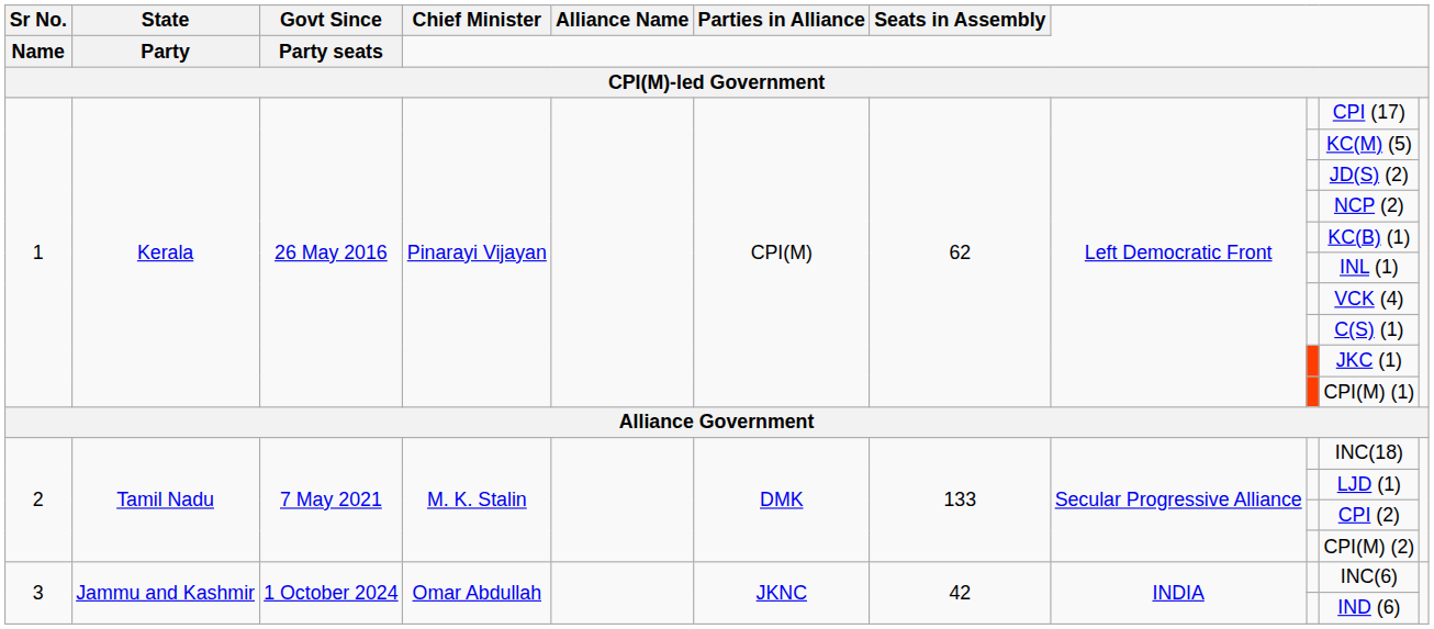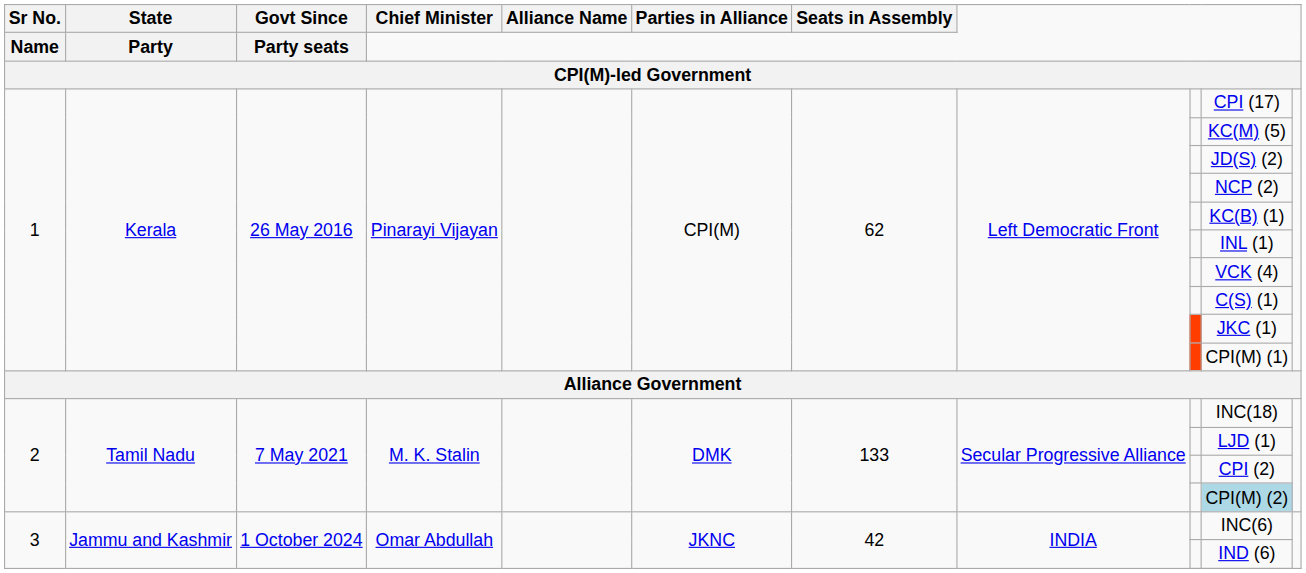 <table class="wikitable sortable" style="text-align: center;">
 <tr>
 <th Style="background-color:">Sr No.</th>
 <th Style="background-color:">State</th>
 <th Style="background-color:">Govt Since</th>
 <th Style="background-color:">Chief Minister</th>
 <th Style="background-color:">Alliance Name</th>
 <th Style="background-color:">Parties in Alliance</th>
 <th Style="background-color:">Seats in Assembly</th>
 </tr>
 <tr>
 <th Style="background-color:">Name</th>
 <th Style="background-color:">Party</th>
 <th Style="background-color:">Party seats</th>
 </tr>
 <tr>
 <th Colspan="11">CPI(M)-led Government</th>
 </tr>
 <tr>
 <td rowspan="10">1</td>
 <td rowspan="10"><a href='#'>Kerala</a></td>
 <td rowspan="10"><a href='#'>26 May 2016</a></td>
 <td rowspan="10"><a href='#'>Pinarayi Vijayan</a></td>
 <td rowspan="10" style="background:"></td>
 <td rowspan="10">CPI(M)</td>
 <td rowspan="10">62</td>
 <td rowspan="10"><a href='#'>Left Democratic Front</a></td>
 <td width="3px" style="background-color: "></td>
 <td><a href='#'>CPI</a> (17)</td>
 <td rowspan="10"></td>
 </tr>
 <tr>
 <td width="3px" style="background-color: "></td>
 <td><a href='#'>KC(M)</a> (5)</td>
 </tr>
 <tr>
 <td width="3px" style="background-color: "></td>
 <td><a href='#'>JD(S)</a> (2)</td>
 </tr>
 <tr>
 <td width="3px" style="background-color: "></td>
 <td><a href='#'>NCP</a> (2)</td>
 </tr>
 <tr>
 <td width="3px" style="background-color: "></td>
 <td><a href='#'>KC(B)</a> (1)</td>
 </tr>
 <tr>
 <td width="3px" style="background-color: "></td>
 <td><a href='#'>INL</a> (1)</td>
 </tr>
 <tr>
 <td width="3px" style="background-color: "></td>
 <td><a href='#'>VCK</a> (4)</td>
 </tr>
 <tr>
 <td width="3px" style="background-color: "></td>
 <td><a href='#'>C(S)</a> (1)</td>
 </tr>
 <tr>
 <td width="3px" style="background-color:#FF3D00"></td>
 <td><a href='#'>JKC</a> (1)</td>
 </tr>
 <tr>
 <td width="3px" style="background-color:#FF3D00"></td>
 <td>CPI(M) (1)</td>
 </tr>
 <tr>
 <th Colspan="11">Alliance Government</th>
 </tr>
 <tr>
 <td rowspan="4">2</td>
 <td rowspan="4"><a href='#'>Tamil Nadu</a></td>
 <td rowspan="4"><a href='#'>7 May 2021</a></td>
 <td rowspan="4"><a href='#'>M. K. Stalin</a></td>
 <td rowspan="4" style="background:"></td>
 <td rowspan="4"><a href='#'>DMK</a></td>
 <td rowspan="4">133</td>
 <td rowspan="4"><a href='#'>Secular Progressive Alliance</a></td>
 <td></td>
 <td>INC(18)</td>
 <td rowspan=4></td>
 </tr>
 <tr>
 <td></td>
 <td><a href='#'>LJD</a> (1)</td>
 </tr>
 <tr>
 <td></td>
 <td><a href='#'>CPI</a> (2)</td>
 </tr>
 <tr>
 <td></td>
-<td>CPI(M) (2)</td>
+<td style="background: lightblue;">CPI(M) (2)</td>
 </tr>
 <tr>
 <td rowspan="4">3</td>
 <td rowspan="4"><a href='#'>Jammu and Kashmir</a></td>
 <td rowspan="4"><a href='#'>1 October 2024</a></td>
 <td rowspan="4"><a href='#'>Omar Abdullah</a></td>
 <td rowspan="4" style="background:"></td>
 <td rowspan="4"><a href='#'>JKNC</a></td>
 <td rowspan="4">42</td>
 <td rowspan="4"><a href='#'>INDIA</a></td>
 <td></td>
 <td>INC(6)</td>
 <td rowspan=4></td>
 </tr>
 <tr>
 <td></td>
 <td><a href='#'>IND</a> (6)</td>
 </tr>
 <tr>
 </tr>
 </table>
